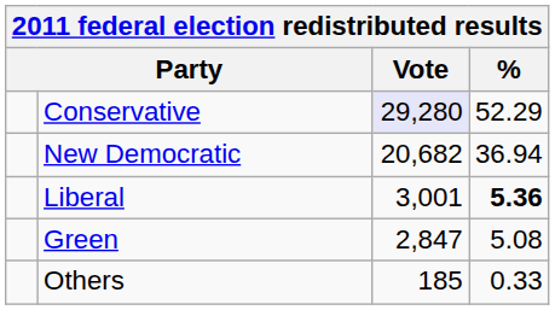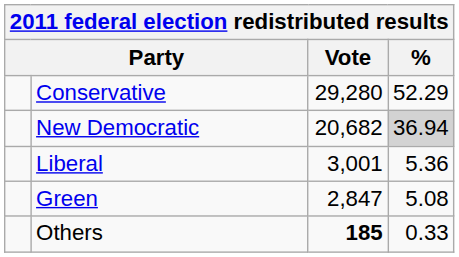 <table class="wikitable">
 <tr>
 <th colspan="4"><a href='#'>2011 federal election</a> redistributed results</th>
 </tr>
 <tr>
 <th bgcolor="#DDDDFF" width="130px" colspan="2">Party</th>
 <th bgcolor="#DDDDFF" width="50px">Vote</th>
 <th bgcolor="#DDDDFF" width="30px">%</th>
 </tr>
 <tr>
 <td> </td>
 <td><a href='#'>Conservative</a></td>
-<td align="right" style="background: lavender;">29,280</td>
+<td align="right">29,280</td>
 <td align="right">52.29</td>
 </tr>
 <tr>
 <td> </td>
 <td><a href='#'>New Democratic</a></td>
 <td align="right">20,682</td>
-<td align="right">36.94</td>
+<td align="right" style="background: lightgrey;">36.94</td>
 </tr>
 <tr>
 <td> </td>
 <td><a href='#'>Liberal</a></td>
 <td align="right">3,001</td>
-<td align="right"><strong>5.36</strong></td>
+<td align="right">5.36</td>
 </tr>
 <tr>
 <td> </td>
 <td><a href='#'>Green</a></td>
 <td align="right">2,847</td>
 <td align="right">5.08</td>
 </tr>
 <tr>
 <td> </td>
 <td>Others</td>
-<td align="right">185</td>
+<td align="right"><strong>185</strong></td>
 <td align="right">0.33</td>
 </tr>
 </table>
